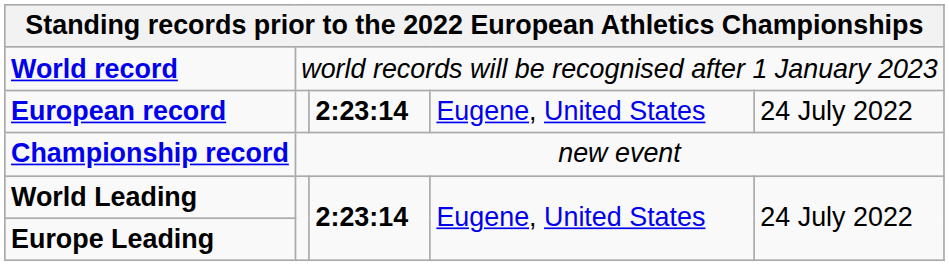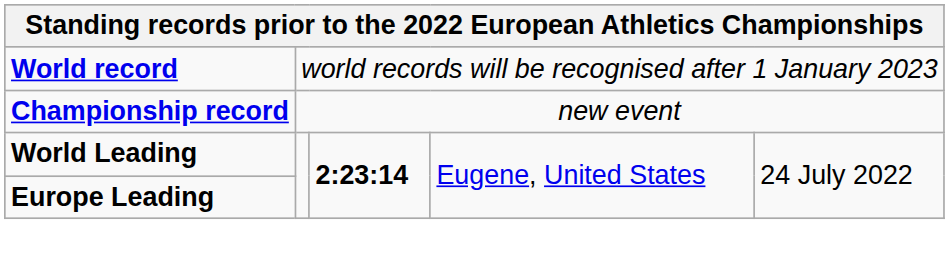 <table class="wikitable">
 <tr>
 <th colspan="5">Standing records prior to the 2022 European Athletics Championships</th>
 </tr>
 <tr>
 <td><strong><a href='#'>World record</a></strong></td>
 <td colspan=4 align=center><em>world records will be recognised after 1 January 2023</em></td>
-</tr>
-<tr>
-<td><strong><a href='#'>European record</a></strong></td>
-<td></td>
-<td><strong> 2:23:14  </strong></td>
-<td><a href='#'>Eugene</a>, <a href='#'>United States</a></td>
-<td>24 July 2022</td>
 </tr>
 <tr>
 <td><strong><a href='#'>Championship record</a></strong></td>
 <td colspan=4 align=center><em>new event</em></td>
 </tr>
 <tr>
 <td><strong>World Leading</strong></td>
 <td rowspan=2></td>
 <td rowspan=2><strong> 2:23:14  </strong></td>
 <td rowspan=2><a href='#'>Eugene</a>, <a href='#'>United States</a></td>
 <td rowspan=2>24 July 2022</td>
 </tr>
 <tr>
 <td><strong>Europe Leading</strong></td>
 </tr>
 </table>
